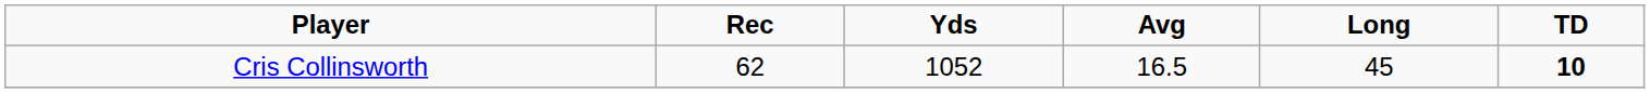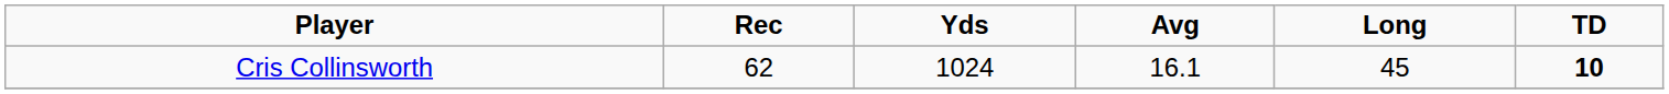 <table class="wikitable" width="80%">
 <tr align="center">
 <td><strong>Player</strong></td>
 <td><strong>Rec</strong></td>
 <td><strong>Yds</strong></td>
 <td><strong>Avg</strong></td>
 <td><strong>Long</strong></td>
 <td><strong>TD</strong></td>
 </tr>
 <tr align="center" bgcolor="">
 <td><a href='#'>Cris Collinsworth</a></td>
 <td>62</td>
-<td>1052</td>
-<td>16.5</td>
+<td>1024</td>
+<td>16.1</td>
 <td>45</td>
 <td><strong>10</strong></td>
 </tr>
 <tr align="center" bgcolor="">
 </tr>
 </table>
